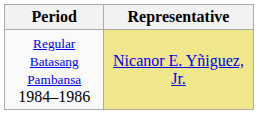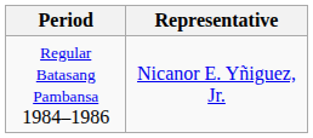 <table class="wikitable" style="text-align:center; width:40%;">
 <tr>
 <th width="40%">Period</th>
 <th>Representative</th>
 </tr>
 <tr>
 <td><small><a href='#'>Regular Batasang Pambansa</a></small><br>1984–1986</td>
-<td style="background: khaki;"><a href='#'>Nicanor E. Yñiguez, Jr.</a></td>
+<td><a href='#'>Nicanor E. Yñiguez, Jr.</a></td>
 </tr>
 </table>
